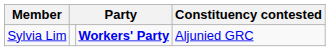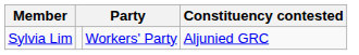 <table class="wikitable sortable">
 <tr>
 <th>Member</th>
 <th colspan="2">Party</th>
 <th>Constituency contested</th>
 </tr>
 <tr>
 <td><a href='#'>Sylvia Lim</a></td>
 <td></td>
-<td><strong><a href='#'>Workers' Party</a></strong></td>
+<td><a href='#'>Workers' Party</a></td>
 <td><a href='#'>Aljunied GRC</a></td>
 </tr>
 </table>
